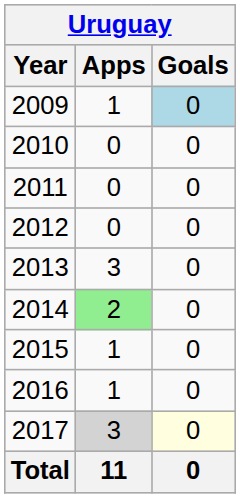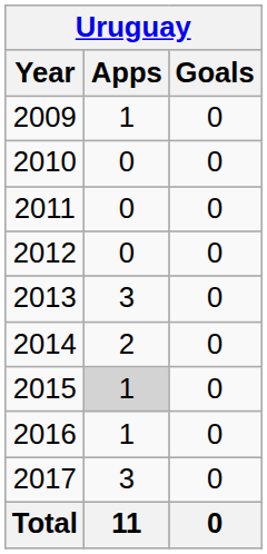 <table class="wikitable" style="text-align:center">
 <tr>
 <th colspan="6"><a href='#'>Uruguay</a></th>
 </tr>
 <tr>
 <th>Year</th>
 <th>Apps</th>
 <th>Goals</th>
 </tr>
 <tr>
 <td>2009</td>
 <td>1</td>
-<td style="background: lightblue;">0</td>
+<td>0</td>
 </tr>
 <tr>
 <td>2010</td>
 <td>0</td>
 <td>0</td>
 </tr>
 <tr>
 <td>2011</td>
 <td>0</td>
 <td>0</td>
 </tr>
 <tr>
 <td>2012</td>
 <td>0</td>
 <td>0</td>
 </tr>
 <tr>
 <td>2013</td>
 <td>3</td>
 <td>0</td>
 </tr>
 <tr>
 <td>2014</td>
-<td style="background: lightgreen;">2</td>
+<td>2</td>
 <td>0</td>
 </tr>
 <tr>
 <td>2015</td>
-<td>1</td>
+<td style="background: lightgrey;">1</td>
 <td>0</td>
 </tr>
 <tr>
 <td>2016</td>
 <td>1</td>
 <td>0</td>
 </tr>
 <tr>
 <td>2017</td>
-<td style="background: lightgrey;">3</td>
-<td style="background: lightyellow;">0</td>
+<td>3</td>
+<td>0</td>
 </tr>
 <tr>
 <th>Total</th>
 <th>11</th>
 <th>0</th>
 </tr>
 </table>
